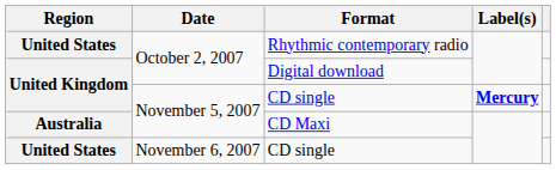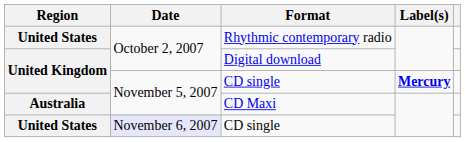 <table class="wikitable plainrowheaders">
 <tr>
 <th scope="col">Region</th>
 <th scope="col">Date</th>
 <th scope="col">Format</th>
 <th scope="col">Label(s)</th>
 <th scope="col"></th>
 </tr>
 <tr>
 <th scope="row">United States</th>
 <td rowspan="2">October 2, 2007</td>
 <td><a href='#'>Rhythmic contemporary</a> radio</td>
 <td rowspan="2"></td>
 <td style="text-align:center;"></td>
 </tr>
 <tr>
 <th scope="row" rowspan="2">United Kingdom</th>
 <td><a href='#'>Digital download</a></td>
 <td style="text-align:center;"></td>
 </tr>
 <tr>
 <td rowspan="2">November 5, 2007</td>
 <td><a href='#'>CD single</a></td>
 <td><strong><a href='#'>Mercury</a></strong></td>
 <td style="text-align:center;"></td>
 </tr>
 <tr>
 <th scope="row">Australia</th>
 <td><a href='#'>CD Maxi</a></td>
 <td rowspan="2"></td>
 <td style="text-align:center;"></td>
 </tr>
 <tr>
 <th scope="row">United States</th>
-<td>November 6, 2007</td>
+<td style="background: lavender;">November 6, 2007</td>
 <td>CD single</td>
 <td style="text-align:center;"></td>
 </tr>
 </table>
